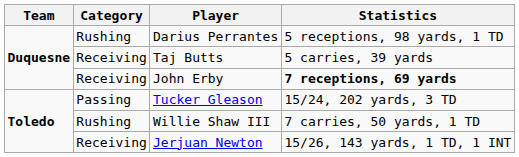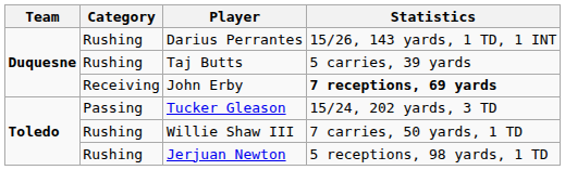 <table class="wikitable" style="float: right;">
 <tr>
 <th>Team</th>
 <th>Category</th>
 <th>Player</th>
 <th>Statistics</th>
 </tr>
 <tr>
 <td rowspan=3><strong>Duquesne</strong></td>
 <td>Rushing</td>
 <td>Darius Perrantes</td>
-<td>5 receptions, 98 yards, 1 TD</td>
+<td>15/26, 143 yards, 1 TD, 1 INT</td>
 </tr>
 <tr>
-<td>Receiving</td>
+<td>Rushing</td>
 <td>Taj Butts</td>
 <td>5 carries, 39 yards</td>
 </tr>
 <tr>
 <td>Receiving</td>
 <td>John Erby</td>
 <td><strong>7 receptions, 69 yards</strong></td>
 </tr>
 <tr>
 <td rowspan=3><strong>Toledo</strong></td>
 <td>Passing</td>
 <td><a href='#'>Tucker Gleason</a></td>
 <td>15/24, 202 yards, 3 TD</td>
 </tr>
 <tr>
 <td>Rushing</td>
 <td>Willie Shaw III</td>
 <td>7 carries, 50 yards, 1 TD</td>
 </tr>
 <tr>
-<td>Receiving</td>
+<td>Rushing</td>
 <td><a href='#'>Jerjuan Newton</a></td>
-<td>15/26, 143 yards, 1 TD, 1 INT</td>
+<td>5 receptions, 98 yards, 1 TD</td>
 </tr>
 </table>
